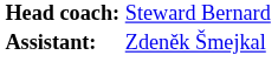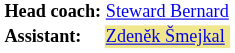 <table>
 <tr>
 <td><strong>Head coach:</strong></td>
 <td><a href='#'>Steward Bernard</a></td>
 </tr>
 <tr>
 <td><strong>Assistant:</strong></td>
-<td><a href='#'>Zdeněk Šmejkal</a></td>
+<td style="background: khaki;"><a href='#'>Zdeněk Šmejkal</a></td>
 </tr>
 </table>
